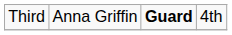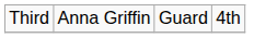 <table class="wikitable" border="1">
 <tr align=center>
 </tr>
 <tr>
 <td rowspan=1>Third</td>
 <td>Anna Griffin</td>
-<td><strong>Guard</strong></td>
+<td>Guard</td>
 <td>4th</td>
 </tr>
 <tr>
 </tr>
 </table>
